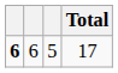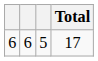 <table class="wikitable">
 <tr align=center>
 <th></th>
 <th></th>
 <th></th>
 <th>Total</th>
 </tr>
 <tr align=center>
-<td><strong>6</strong></td>
+<td>6</td>
 <td>6</td>
 <td>5</td>
 <td>17</td>
 </tr>
 </table>
